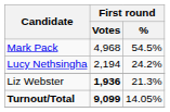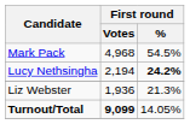 <table class=wikitable style=text-align:right>
 <tr>
 <th rowspan=2>Candidate</th>
 <th colspan=2>First round</th>
 </tr>
 <tr>
 <th>Votes</th>
 <th>%</th>
 </tr>
 <tr>
 <td align=left><a href='#'>Mark Pack</a></td>
 <td>4,968</td>
 <td>54.5%</td>
 </tr>
 <tr>
 <td align=left><a href='#'>Lucy Nethsingha</a></td>
 <td>2,194</td>
-<td>24.2%</td>
+<td><strong>24.2%</strong></td>
 </tr>
 <tr>
 </tr>
 <tr>
 <td align=left>Liz Webster</td>
-<td><strong>1,936</strong></td>
+<td>1,936</td>
 <td>21.3%</td>
 </tr>
 <tr>
 <td align=left><strong>Turnout/Total</strong></td>
 <td><strong>9,099</strong></td>
 <td>14.05%</td>
 </tr>
 <tr>
 </tr>
 </table>
